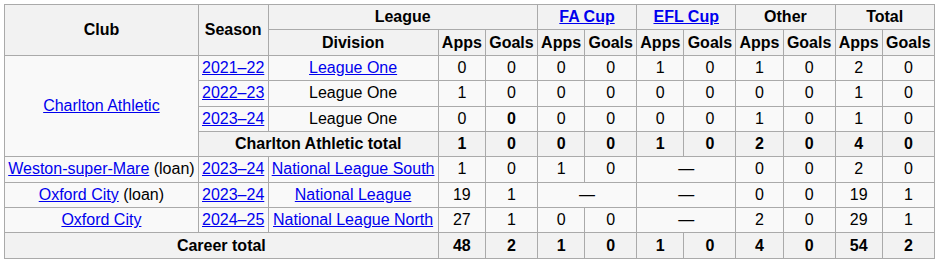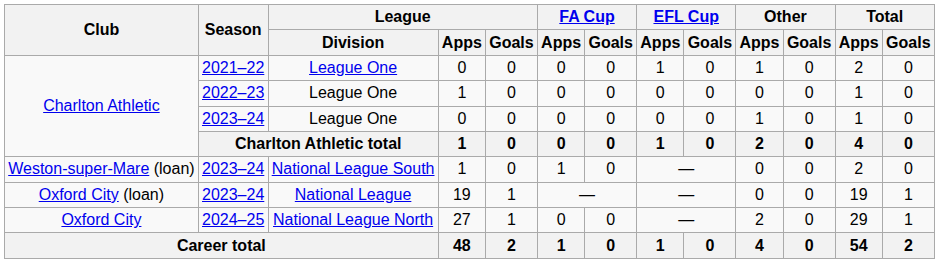 <table class="wikitable" style="text-align: center">
 <tr>
 <th rowspan="2">Club</th>
 <th rowspan="2">Season</th>
 <th colspan="3">League</th>
 <th colspan="2"><a href='#'>FA Cup</a></th>
 <th colspan="2"><a href='#'>EFL Cup</a></th>
 <th colspan="2">Other</th>
 <th colspan="2">Total</th>
 </tr>
 <tr>
 <th>Division</th>
 <th>Apps</th>
 <th>Goals</th>
 <th>Apps</th>
 <th>Goals</th>
 <th>Apps</th>
 <th>Goals</th>
 <th>Apps</th>
 <th>Goals</th>
 <th>Apps</th>
 <th>Goals</th>
 </tr>
 <tr>
 <td rowspan="4"><a href='#'>Charlton Athletic</a></td>
 <td><a href='#'>2021–22</a></td>
 <td><a href='#'>League One</a></td>
 <td>0</td>
 <td>0</td>
 <td>0</td>
 <td>0</td>
 <td>1</td>
 <td>0</td>
 <td>1</td>
 <td>0</td>
 <td>2</td>
 <td>0</td>
 </tr>
 <tr>
 <td><a href='#'>2022–23</a></td>
 <td>League One</td>
 <td>1</td>
 <td>0</td>
 <td>0</td>
 <td>0</td>
 <td>0</td>
 <td>0</td>
 <td>0</td>
 <td>0</td>
 <td>1</td>
 <td>0</td>
 </tr>
 <tr>
 <td><a href='#'>2023–24</a></td>
 <td>League One</td>
 <td>0</td>
-<td><strong>0</strong></td>
+<td>0</td>
 <td>0</td>
 <td>0</td>
 <td>0</td>
 <td>0</td>
 <td>1</td>
 <td>0</td>
 <td>1</td>
 <td>0</td>
 </tr>
 <tr>
 <th colspan="2">Charlton Athletic total</th>
 <th>1</th>
 <th>0</th>
 <th>0</th>
 <th>0</th>
 <th>1</th>
 <th>0</th>
 <th>2</th>
 <th>0</th>
 <th>4</th>
 <th>0</th>
 </tr>
 <tr>
 <td><a href='#'>Weston-super-Mare</a> (loan)</td>
 <td><a href='#'>2023–24</a></td>
 <td><a href='#'>National League South</a></td>
 <td>1</td>
 <td>0</td>
 <td>1</td>
 <td>0</td>
 <td colspan="2">—</td>
 <td>0</td>
 <td>0</td>
 <td>2</td>
 <td>0</td>
 </tr>
 <tr>
 <td><a href='#'>Oxford City</a> (loan)</td>
 <td><a href='#'>2023–24</a></td>
 <td><a href='#'>National League</a></td>
 <td>19</td>
 <td>1</td>
 <td colspan="2">—</td>
 <td colspan="2">—</td>
 <td>0</td>
 <td>0</td>
 <td>19</td>
 <td>1</td>
 </tr>
 <tr>
 <td><a href='#'>Oxford City</a></td>
 <td><a href='#'>2024–25</a></td>
 <td><a href='#'>National League North</a></td>
 <td>27</td>
 <td>1</td>
 <td>0</td>
 <td>0</td>
 <td colspan="2">—</td>
 <td>2</td>
 <td>0</td>
 <td>29</td>
 <td>1</td>
 </tr>
 <tr>
 <th colspan="3">Career total</th>
 <th>48</th>
 <th>2</th>
 <th>1</th>
 <th>0</th>
 <th>1</th>
 <th>0</th>
 <th>4</th>
 <th>0</th>
 <th>54</th>
 <th>2</th>
 </tr>
 </table>
